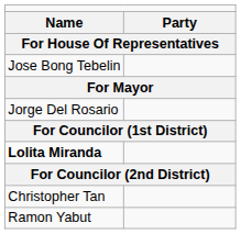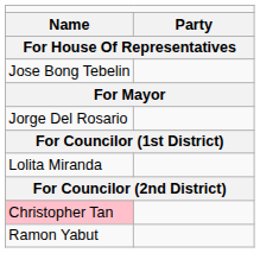 <table class="wikitable" style="font-size:90%">
 <tr>
 <td colspan="5" style="color:inherit;background:"></td>
 </tr>
 <tr>
 <th !width=150px>Name</th>
 <th colspan=2 width=110px>Party</th>
 </tr>
 <tr>
 <th colspan="3">For House Of Representatives</th>
 </tr>
 <tr>
 <td>Jose Bong Tebelin</td>
 <td></td>
 </tr>
 <tr>
 <th colspan="3">For Mayor</th>
 </tr>
 <tr>
 <td>Jorge Del Rosario</td>
 <td></td>
 </tr>
 <tr>
 <th colspan="3">For Councilor (1st District)</th>
 </tr>
 <tr>
-<td><strong>Lolita Miranda</strong></td>
+<td>Lolita Miranda</td>
 <td></td>
 </tr>
 <tr>
 <th colspan="3">For Councilor (2nd District)</th>
 </tr>
 <tr>
-<td>Christopher Tan</td>
+<td style="background: pink;">Christopher Tan</td>
 <td></td>
 </tr>
 <tr>
 <td>Ramon Yabut</td>
 <td></td>
 </tr>
 </table>
